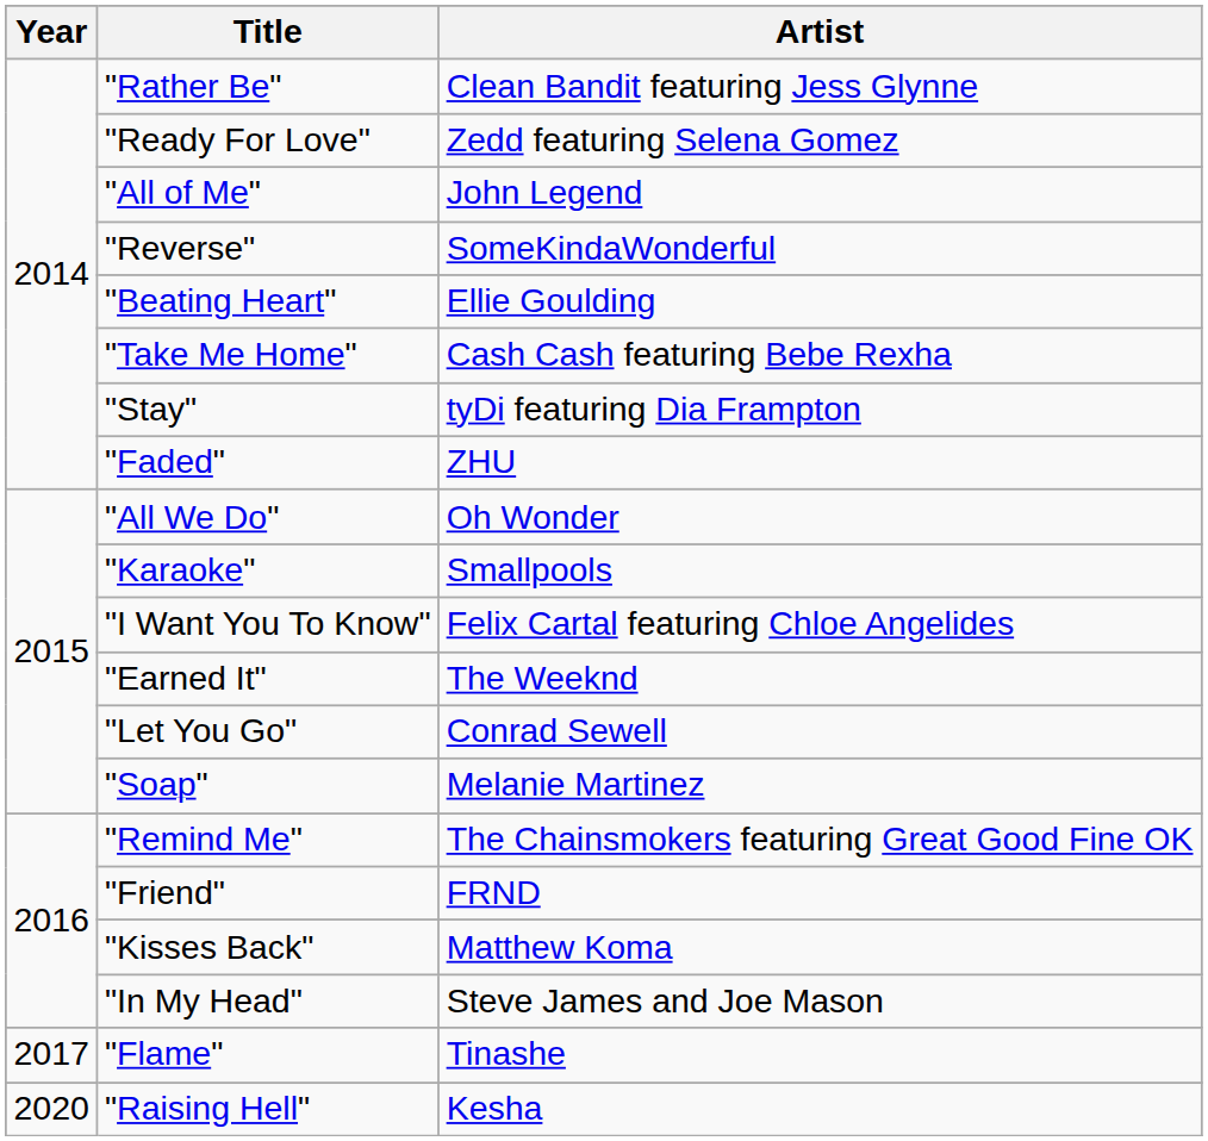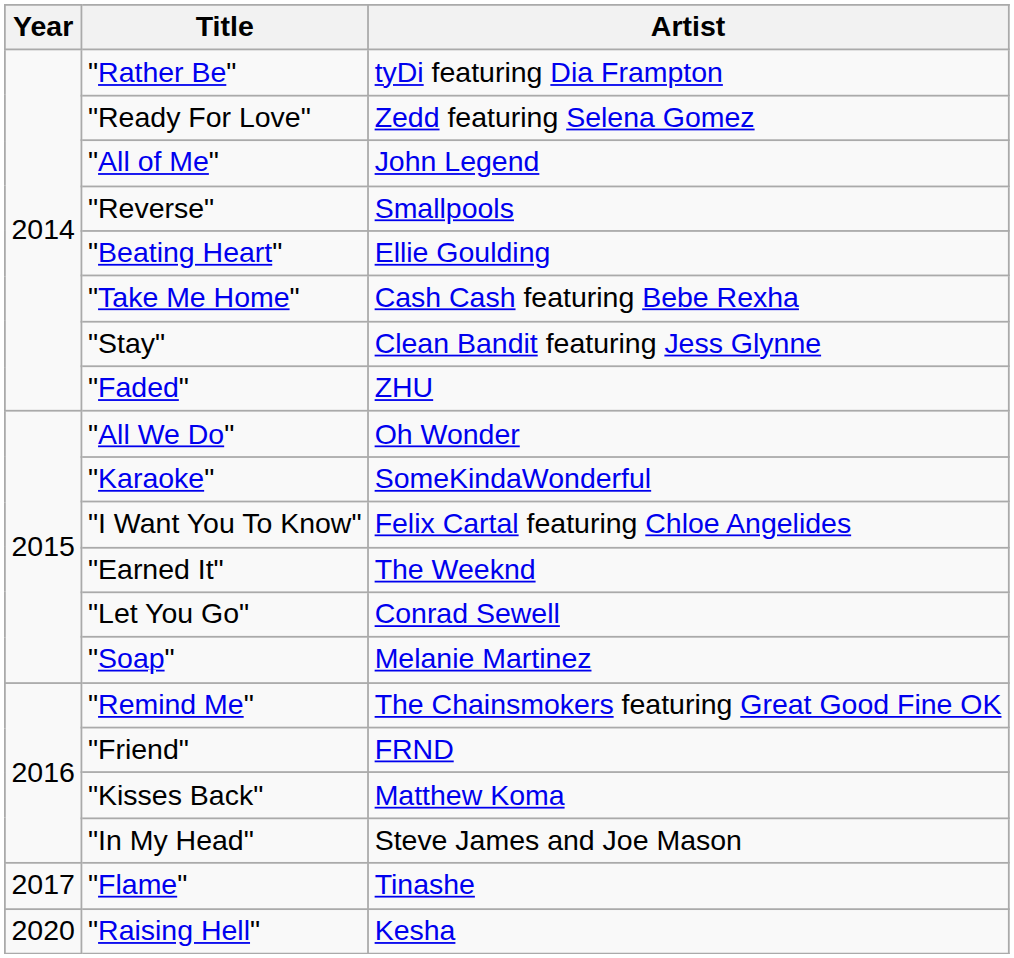 <table class="wikitable">
 <tr>
 <th>Year</th>
 <th>Title</th>
 <th>Artist</th>
 </tr>
 <tr>
 <td rowspan="8" align="center">2014</td>
 <td>"<a href='#'>Rather Be</a>"</td>
-<td><a href='#'>Clean Bandit</a> featuring <a href='#'>Jess Glynne</a></td>
+<td><a href='#'>tyDi</a> featuring <a href='#'>Dia Frampton</a></td>
 </tr>
 <tr>
 <td>"Ready For Love"</td>
 <td><a href='#'>Zedd</a> featuring <a href='#'>Selena Gomez</a></td>
 </tr>
 <tr>
 <td>"<a href='#'>All of Me</a>"</td>
 <td><a href='#'>John Legend</a></td>
 </tr>
 <tr>
 <td>"Reverse"</td>
-<td><a href='#'>SomeKindaWonderful</a></td>
+<td><a href='#'>Smallpools</a></td>
 </tr>
 <tr>
 <td>"<a href='#'>Beating Heart</a>"</td>
 <td><a href='#'>Ellie Goulding</a></td>
 </tr>
 <tr>
 <td>"<a href='#'>Take Me Home</a>"</td>
 <td><a href='#'>Cash Cash</a> featuring <a href='#'>Bebe Rexha</a></td>
 </tr>
 <tr>
 <td>"Stay"</td>
-<td><a href='#'>tyDi</a> featuring <a href='#'>Dia Frampton</a></td>
+<td><a href='#'>Clean Bandit</a> featuring <a href='#'>Jess Glynne</a></td>
 </tr>
 <tr>
 <td>"<a href='#'>Faded</a>"</td>
 <td><a href='#'>ZHU</a></td>
 </tr>
 <tr>
 <td align="center" rowspan="6">2015</td>
 <td>"<a href='#'>All We Do</a>"</td>
 <td><a href='#'>Oh Wonder</a></td>
 </tr>
 <tr>
 <td>"<a href='#'>Karaoke</a>"</td>
-<td><a href='#'>Smallpools</a></td>
+<td><a href='#'>SomeKindaWonderful</a></td>
 </tr>
 <tr>
 <td>"I Want You To Know"</td>
 <td><a href='#'>Felix Cartal</a> featuring <a href='#'>Chloe Angelides</a></td>
 </tr>
 <tr>
 <td>"Earned It"</td>
 <td><a href='#'>The Weeknd</a></td>
 </tr>
 <tr>
 <td>"Let You Go"</td>
 <td><a href='#'>Conrad Sewell</a></td>
 </tr>
 <tr>
 <td>"<a href='#'>Soap</a>"</td>
 <td><a href='#'>Melanie Martinez</a></td>
 </tr>
 <tr>
 <td align="center" rowspan="4">2016</td>
 <td>"<a href='#'>Remind Me</a>"</td>
 <td><a href='#'>The Chainsmokers</a> featuring <a href='#'>Great Good Fine OK</a></td>
 </tr>
 <tr>
 <td>"Friend"</td>
 <td><a href='#'>FRND</a></td>
 </tr>
 <tr>
 <td>"Kisses Back"</td>
 <td><a href='#'>Matthew Koma</a></td>
 </tr>
 <tr>
 <td>"In My Head"</td>
 <td>Steve James and Joe Mason</td>
 </tr>
 <tr>
 <td>2017</td>
 <td>"<a href='#'>Flame</a>"</td>
 <td><a href='#'>Tinashe</a></td>
 </tr>
 <tr>
 <td>2020</td>
 <td>"<a href='#'>Raising Hell</a>"</td>
 <td><a href='#'>Kesha</a></td>
 </tr>
 </table>
